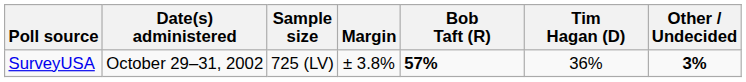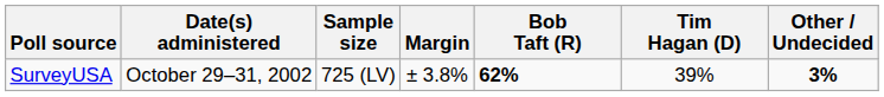 <table class="wikitable" style="font-size:90%">
 <tr valign=bottom>
 <th>Poll source</th>
 <th>Date(s)<br>administered</th>
 <th>Sample<br>size</th>
 <th>Margin<br></th>
 <th style="width:100px;">Bob<br>Taft (R)</th>
 <th style="width:100px;">Tim<br>Hagan (D)</th>
 <th>Other /<br>Undecided</th>
 </tr>
 <tr>
 <td><a href='#'>SurveyUSA</a></td>
 <td align=center>October 29–31, 2002</td>
 <td align=center>725 (LV)</td>
 <td align=center>± 3.8%</td>
-<td><strong>57%</strong></td>
-<td align=center>36%</td>
+<td><strong>62%</strong></td>
+<td align=center>39%</td>
 <td align=center><strong>3%</strong></td>
 </tr>
 </table>
